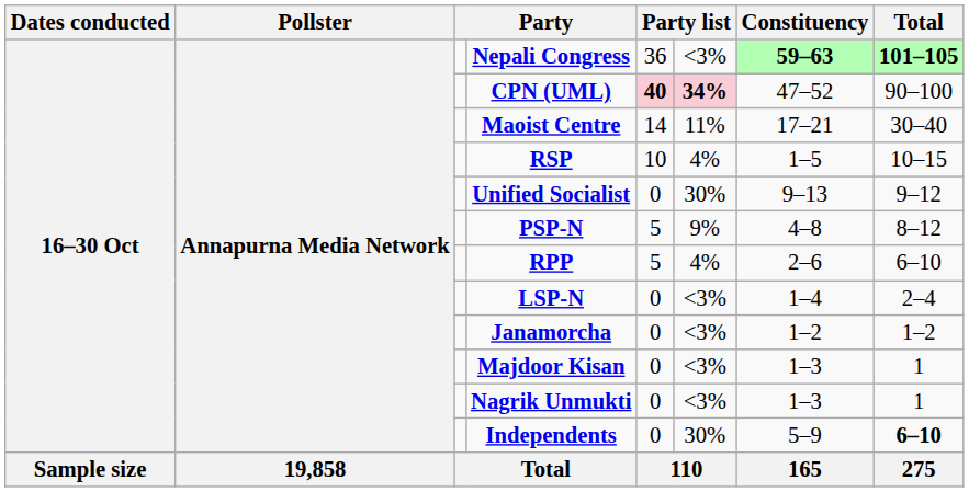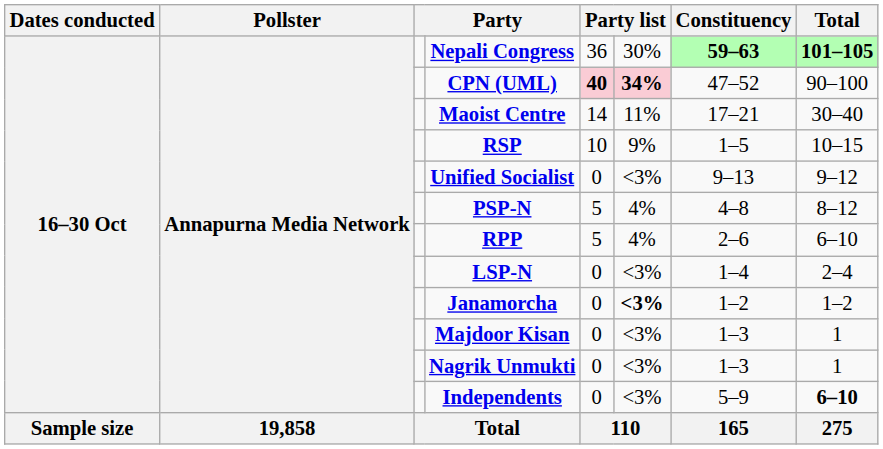 <table class="wikitable sortable" style="text-align:center;font-size:95%;line-height:16px">
 <tr>
 <th>Dates conducted</th>
 <th>Pollster</th>
 <th colspan="2">Party</th>
 <th colspan="2">Party list</th>
 <th>Constituency</th>
 <th>Total</th>
 </tr>
 <tr>
 <th rowspan="12">16–30 Oct</th>
 <th rowspan="12">Annapurna Media Network</th>
 <td style="background-color:"></td>
 <td><strong><a href='#'>Nepali Congress</a></strong></td>
 <td>36</td>
-<td><3%</td>
+<td>30%</td>
 <td bgcolor="#b3ffb3"><strong>59–63</strong></td>
 <td bgcolor="#b3ffb3"><strong>101–105</strong></td>
 </tr>
 <tr>
 <td style="background-color:"></td>
 <td><strong><a href='#'>CPN (UML)</a></strong></td>
 <td bgcolor="#faccd5"><strong>40</strong></td>
 <td bgcolor="#faccd5"><strong>34%</strong></td>
 <td>47–52</td>
 <td>90–100</td>
 </tr>
 <tr>
 <td style="background-color:"></td>
 <td><a href='#'><strong>Maoist Centre</strong></a></td>
 <td>14</td>
 <td>11%</td>
 <td>17–21</td>
 <td>30–40</td>
 </tr>
 <tr>
 <td style="background-color:"></td>
 <td><strong><a href='#'>RSP</a></strong></td>
 <td>10</td>
-<td>4%</td>
+<td>9%</td>
 <td>1–5</td>
 <td>10–15</td>
 </tr>
 <tr>
 <td style="background-color:"></td>
 <td><a href='#'><strong>Unified Socialist</strong></a></td>
 <td>0</td>
-<td>30%</td>
+<td><3%</td>
 <td>9–13</td>
 <td>9–12</td>
 </tr>
 <tr>
 <td style="background-color:"></td>
 <td><a href='#'><strong>PSP-N</strong></a></td>
 <td>5</td>
-<td>9%</td>
+<td>4%</td>
 <td>4–8</td>
 <td>8–12</td>
 </tr>
 <tr>
 <td style="background-color:"></td>
 <td><a href='#'><strong>RPP</strong></a></td>
 <td>5</td>
 <td>4%</td>
 <td>2–6</td>
 <td>6–10</td>
 </tr>
 <tr>
 <td style="background-color:"></td>
 <td><a href='#'><strong>LSP-N</strong></a></td>
 <td>0</td>
 <td><3%</td>
 <td>1–4</td>
 <td>2–4</td>
 </tr>
 <tr>
 <td style="background-color:"></td>
 <td><a href='#'><strong>Janamorcha</strong></a></td>
 <td>0</td>
-<td><3%</td>
+<td><strong><3%</strong></td>
 <td>1–2</td>
 <td>1–2</td>
 </tr>
 <tr>
 <td style="background-color:"></td>
 <td><a href='#'><strong>Majdoor Kisan</strong></a></td>
 <td>0</td>
 <td><3%</td>
 <td>1–3</td>
 <td>1</td>
 </tr>
 <tr>
 <td style="background-color:"></td>
 <td><a href='#'><strong>Nagrik Unmukti</strong></a></td>
 <td>0</td>
 <td><3%</td>
 <td>1–3</td>
 <td>1</td>
 </tr>
 <tr>
 <td style="background-color:"></td>
 <td><a href='#'><strong>Independents</strong></a></td>
 <td>0</td>
-<td>30%</td>
+<td><3%</td>
 <td>5–9</td>
 <td><strong>6–10</strong></td>
 </tr>
 <tr>
 <th>Sample size</th>
 <th>19,858</th>
 <th colspan="2">Total</th>
 <th colspan="2">110</th>
 <th>165</th>
 <th>275</th>
 </tr>
 </table>
